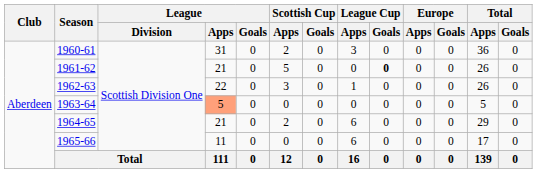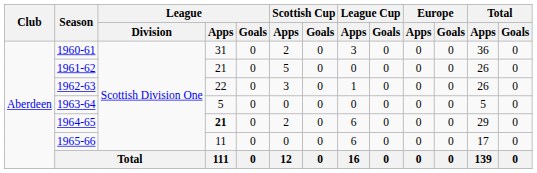 <table class="wikitable" style="text-align:center">
 <tr>
 <th rowspan="2">Club</th>
 <th rowspan="2">Season</th>
 <th colspan="3">League</th>
 <th colspan="2">Scottish Cup</th>
 <th colspan="2">League Cup</th>
 <th colspan="2">Europe</th>
 <th colspan="2">Total</th>
 </tr>
 <tr>
 <th>Division</th>
 <th>Apps</th>
 <th>Goals</th>
 <th>Apps</th>
 <th>Goals</th>
 <th>Apps</th>
 <th>Goals</th>
 <th>Apps</th>
 <th>Goals</th>
 <th>Apps</th>
 <th>Goals</th>
 </tr>
 <tr>
 <td rowspan="7"><a href='#'>Aberdeen</a></td>
 <td><a href='#'>1960-61</a></td>
 <td rowspan="6"><a href='#'>Scottish Division One</a></td>
 <td>31</td>
 <td>0</td>
 <td>2</td>
 <td>0</td>
 <td>3</td>
 <td>0</td>
 <td>0</td>
 <td>0</td>
 <td>36</td>
 <td>0</td>
 </tr>
 <tr>
 <td><a href='#'>1961-62</a></td>
 <td>21</td>
 <td>0</td>
 <td>5</td>
 <td>0</td>
 <td>0</td>
-<td><strong>0</strong></td>
+<td>0</td>
 <td>0</td>
 <td>0</td>
 <td>26</td>
 <td>0</td>
 </tr>
 <tr>
 <td><a href='#'>1962-63</a></td>
 <td>22</td>
 <td>0</td>
 <td>3</td>
 <td>0</td>
 <td>1</td>
 <td>0</td>
 <td>0</td>
 <td>0</td>
 <td>26</td>
 <td>0</td>
 </tr>
 <tr>
 <td><a href='#'>1963-64</a></td>
-<td style="background: lightsalmon;">5</td>
+<td>5</td>
 <td>0</td>
 <td>0</td>
 <td>0</td>
 <td>0</td>
 <td>0</td>
 <td>0</td>
 <td>0</td>
 <td>5</td>
 <td>0</td>
 </tr>
 <tr>
 <td><a href='#'>1964-65</a></td>
-<td>21</td>
+<td><strong>21</strong></td>
 <td>0</td>
 <td>2</td>
 <td>0</td>
 <td>6</td>
 <td>0</td>
 <td>0</td>
 <td>0</td>
 <td>29</td>
 <td>0</td>
 </tr>
 <tr>
 <td><a href='#'>1965-66</a></td>
 <td>11</td>
 <td>0</td>
 <td>0</td>
 <td>0</td>
 <td>6</td>
 <td>0</td>
 <td>0</td>
 <td>0</td>
 <td>17</td>
 <td>0</td>
 </tr>
 <tr>
 <th colspan="2">Total</th>
 <th>111</th>
 <th>0</th>
 <th>12</th>
 <th>0</th>
 <th>16</th>
 <th>0</th>
 <th>0</th>
 <th>0</th>
 <th>139</th>
 <th>0</th>
 </tr>
 </table>
